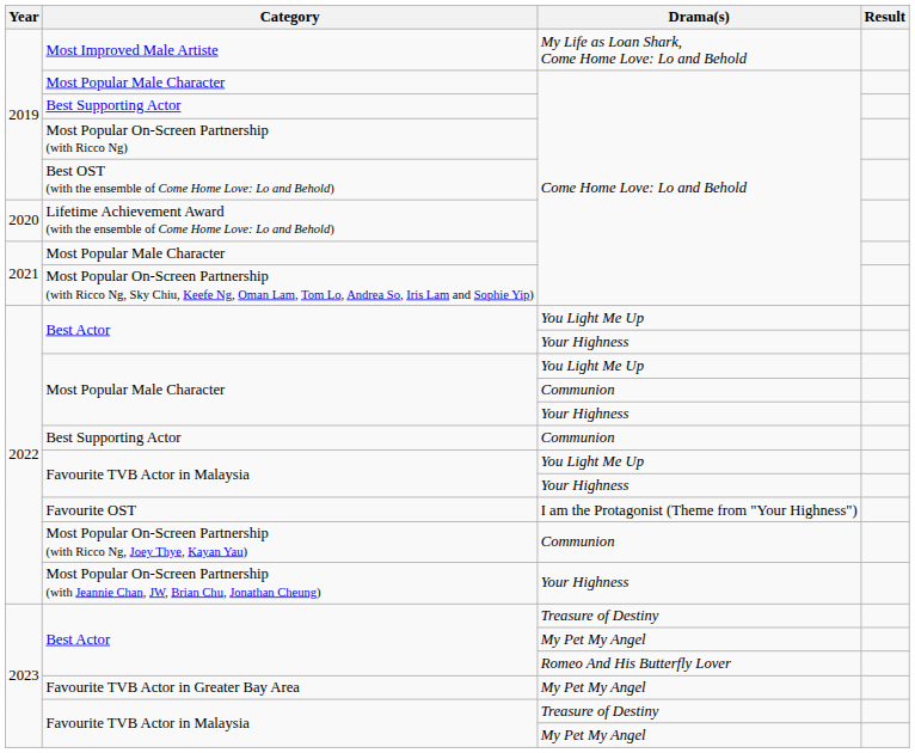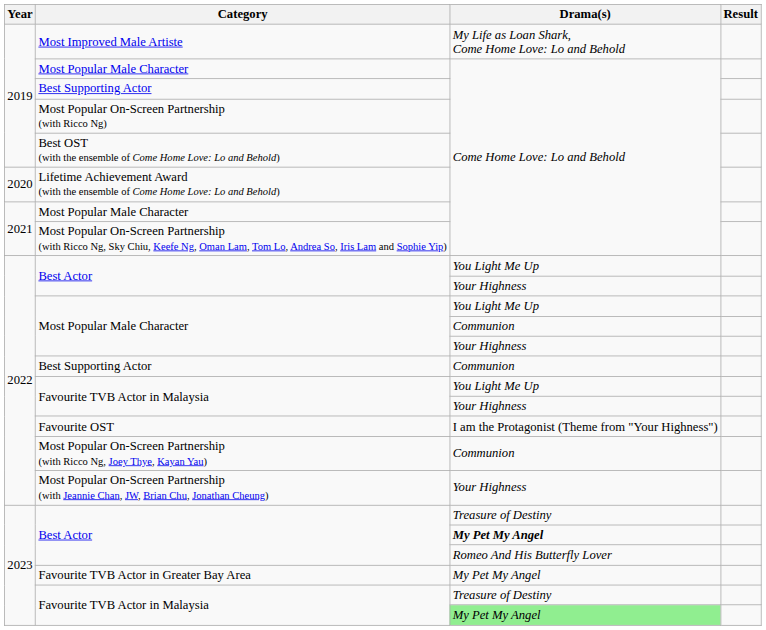 <table class="wikitable sortable">
 <tr>
 <th>Year</th>
 <th>Category</th>
 <th>Drama(s)</th>
 <th>Result</th>
 </tr>
 <tr>
 <td rowspan=5>2019</td>
 <td><a href='#'>Most Improved Male Artiste</a></td>
 <td><em>My Life as Loan Shark</em>,<br><em>Come Home Love: Lo and Behold</em></td>
 <td></td>
 </tr>
 <tr>
 <td><a href='#'>Most Popular Male Character</a></td>
 <td rowspan=7><em>Come Home Love: Lo and Behold</em></td>
 <td></td>
 </tr>
 <tr>
 <td><a href='#'>Best Supporting Actor</a></td>
 <td></td>
 </tr>
 <tr>
 <td>Most Popular On-Screen Partnership <br> <small>(with Ricco Ng)</small></td>
 <td></td>
 </tr>
 <tr>
 <td>Best OST <br><small>(with the ensemble of <em>Come Home Love: Lo and Behold</em>)</small></td>
 <td></td>
 </tr>
 <tr>
 <td>2020</td>
 <td>Lifetime Achievement Award <br><small>(with the ensemble of <em>Come Home Love: Lo and Behold</em>)</small></td>
 <td></td>
 </tr>
 <tr>
 <td rowspan=2>2021</td>
 <td>Most Popular Male Character</td>
 <td></td>
 </tr>
 <tr>
 <td>Most Popular On-Screen Partnership <br> <small>(with Ricco Ng, Sky Chiu, <a href='#'>Keefe Ng</a>, <a href='#'>Oman Lam</a>, <a href='#'>Tom Lo</a>, <a href='#'>Andrea So</a>, <a href='#'>Iris Lam</a> and <a href='#'>Sophie Yip</a>)</small></td>
 <td></td>
 </tr>
 <tr>
 <td rowspan=11>2022</td>
 <td rowspan=2><a href='#'>Best Actor</a></td>
 <td><em>You Light Me Up</em></td>
 <td></td>
 </tr>
 <tr>
 <td><em>Your Highness</em></td>
 <td></td>
 </tr>
 <tr>
 <td rowspan=3>Most Popular Male Character</td>
 <td><em>You Light Me Up</em></td>
 <td></td>
 </tr>
 <tr>
 <td><em>Communion</em></td>
 <td></td>
 </tr>
 <tr>
 <td><em>Your Highness</em></td>
 <td></td>
 </tr>
 <tr>
 <td>Best Supporting Actor</td>
 <td><em>Communion</em></td>
 <td></td>
 </tr>
 <tr>
 <td rowspan=2>Favourite TVB Actor in Malaysia</td>
 <td><em>You Light Me Up</em></td>
 <td></td>
 </tr>
 <tr>
 <td><em>Your Highness</em></td>
 <td></td>
 </tr>
 <tr>
 <td>Favourite OST</td>
 <td>I am the Protagonist (Theme from "Your Highness")</td>
 <td></td>
 </tr>
 <tr>
 <td>Most Popular On-Screen Partnership<br><small>(with Ricco Ng, <a href='#'>Joey Thye</a>, <a href='#'>Kayan Yau</a>)</small></td>
 <td><em>Communion</em></td>
 <td></td>
 </tr>
 <tr>
 <td>Most Popular On-Screen Partnership<br><small>(with <a href='#'>Jeannie Chan</a>, <a href='#'>JW</a>, <a href='#'>Brian Chu</a>, <a href='#'>Jonathan Cheung</a>)</small></td>
 <td><em>Your Highness</em></td>
 <td></td>
 </tr>
 <tr>
 <td rowspan=6>2023</td>
 <td rowspan=3><a href='#'>Best Actor</a></td>
 <td><em>Treasure of Destiny</em></td>
 <td></td>
 </tr>
 <tr>
-<td><em>My Pet My Angel</em></td>
+<td><strong><em>My Pet My Angel</em></strong></td>
 <td></td>
 </tr>
 <tr>
 <td><em>Romeo And His Butterfly Lover</em></td>
 <td></td>
 </tr>
 <tr>
 <td>Favourite TVB Actor in Greater Bay Area</td>
 <td><em>My Pet My Angel</em></td>
 <td></td>
 </tr>
 <tr>
 <td rowspan=2>Favourite TVB Actor in Malaysia</td>
 <td><em>Treasure of Destiny</em></td>
 <td></td>
 </tr>
 <tr>
-<td><em>My Pet My Angel</em></td>
+<td style="background: lightgreen;"><em>My Pet My Angel</em></td>
 <td></td>
 </tr>
 </table>
